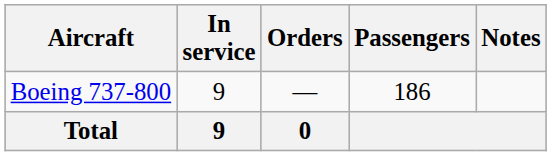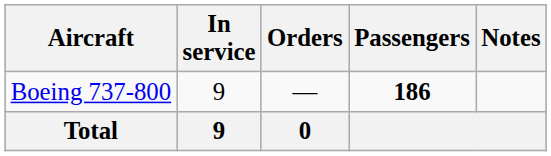 <table class="wikitable" style="margin:0.5em auto; text-align:center">
 <tr>
 <th>Aircraft</th>
 <th>In <br> service</th>
 <th>Orders</th>
 <th>Passengers</th>
 <th>Notes</th>
 </tr>
 <tr>
 <td><a href='#'>Boeing 737-800</a></td>
 <td>9</td>
 <td>—</td>
-<td>186</td>
+<td><strong>186</strong></td>
 <td></td>
 </tr>
 <tr>
 <th>Total</th>
 <th>9</th>
 <th>0</th>
 <th colspan="2"></th>
 </tr>
 </table>
